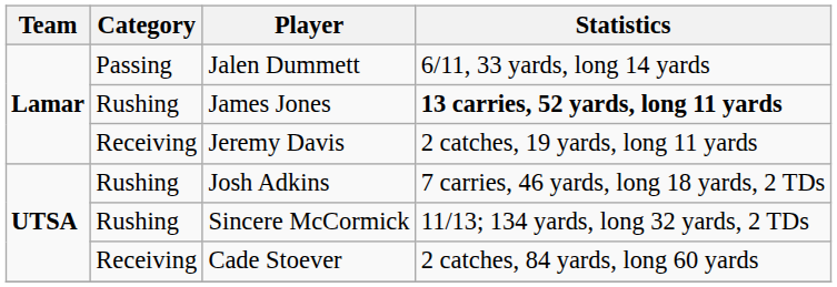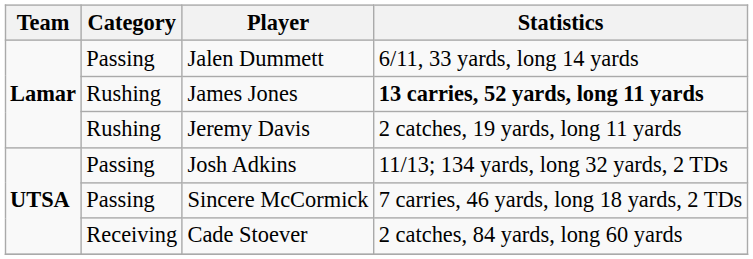 <table class="wikitable" style="float: right;">
 <tr>
 <th>Team</th>
 <th>Category</th>
 <th>Player</th>
 <th>Statistics</th>
 </tr>
 <tr>
 <td rowspan=3><strong>Lamar</strong></td>
 <td>Passing</td>
 <td>Jalen Dummett</td>
 <td>6/11, 33 yards, long 14 yards</td>
 </tr>
 <tr>
 <td>Rushing</td>
 <td>James Jones</td>
 <td><strong>13 carries, 52 yards, long 11 yards</strong></td>
 </tr>
 <tr>
-<td>Receiving</td>
+<td>Rushing</td>
 <td>Jeremy Davis</td>
 <td>2 catches, 19 yards, long 11 yards</td>
 </tr>
 <tr>
 <td rowspan=3><strong>    UTSA   </strong></td>
-<td>Rushing</td>
+<td>Passing</td>
 <td>Josh Adkins</td>
-<td>7 carries, 46 yards, long 18 yards, 2 TDs</td>
+<td>11/13; 134 yards, long 32 yards, 2 TDs</td>
 </tr>
 <tr>
-<td>Rushing</td>
+<td>Passing</td>
 <td>Sincere McCormick</td>
-<td>11/13; 134 yards, long 32 yards, 2 TDs</td>
+<td>7 carries, 46 yards, long 18 yards, 2 TDs</td>
 </tr>
 <tr>
 <td>Receiving</td>
 <td>Cade Stoever</td>
 <td>2 catches, 84 yards, long 60 yards</td>
 </tr>
 <tr>
 </tr>
 </table>
